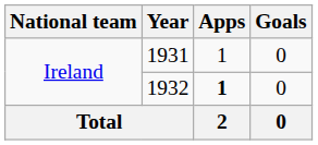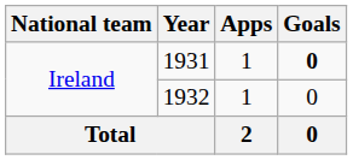 <table class="wikitable" style="text-align:center">
 <tr>
 <th>National team</th>
 <th>Year</th>
 <th>Apps</th>
 <th>Goals</th>
 </tr>
 <tr>
 <td rowspan="2"><a href='#'>Ireland</a></td>
 <td>1931</td>
 <td>1</td>
-<td>0</td>
+<td><strong>0</strong></td>
 </tr>
 <tr>
 <td>1932</td>
-<td><strong>1</strong></td>
+<td>1</td>
 <td>0</td>
 </tr>
 <tr>
 <th colspan="2">Total</th>
 <th>2</th>
 <th>0</th>
 </tr>
 </table>
